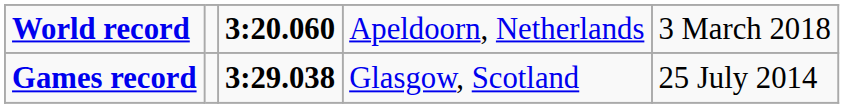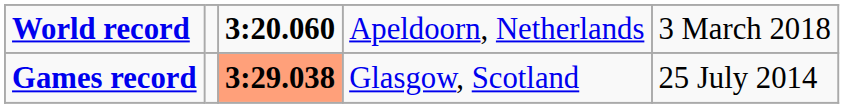 <table class="wikitable">
 <tr>
 <td><a href='#'><strong>World record</strong></a></td>
 <td></td>
 <td><strong>3:20.060</strong></td>
 <td><a href='#'>Apeldoorn</a>, <a href='#'>Netherlands</a></td>
 <td>3 March 2018</td>
 </tr>
 <tr>
 <td><a href='#'><strong>Games record</strong></a></td>
 <td></td>
-<td><strong>3:29.038</strong></td>
+<td style="background: lightsalmon;"><strong>3:29.038</strong></td>
 <td><a href='#'>Glasgow</a>, <a href='#'>Scotland</a></td>
 <td>25 July 2014</td>
 </tr>
 </table>
